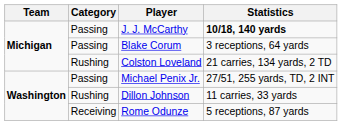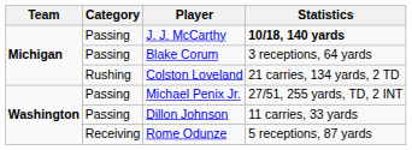 <table class="wikitable" style="float: right;">
 <tr>
 <th>Team</th>
 <th>Category</th>
 <th>Player</th>
 <th>Statistics</th>
 </tr>
 <tr>
 <td rowspan=3><strong>Michigan</strong></td>
 <td>Passing</td>
 <td><a href='#'>J. J. McCarthy</a></td>
 <td><strong>10/18, 140 yards</strong></td>
 </tr>
 <tr>
 <td>Passing</td>
 <td><a href='#'>Blake Corum</a></td>
 <td>3 receptions, 64 yards</td>
 </tr>
 <tr>
 <td>Rushing</td>
 <td><a href='#'>Colston Loveland</a></td>
 <td>21 carries, 134 yards, 2 TD</td>
 </tr>
 <tr>
 <td rowspan=3><strong>Washington</strong></td>
 <td>Passing</td>
 <td><a href='#'>Michael Penix Jr.</a></td>
 <td>27/51, 255 yards, TD, 2 INT</td>
 </tr>
 <tr>
-<td>Rushing</td>
+<td>Passing</td>
 <td><a href='#'>Dillon Johnson</a></td>
 <td>11 carries, 33 yards</td>
 </tr>
 <tr>
 <td>Receiving</td>
 <td><a href='#'>Rome Odunze</a></td>
 <td>5 receptions, 87 yards</td>
 </tr>
 </table>
